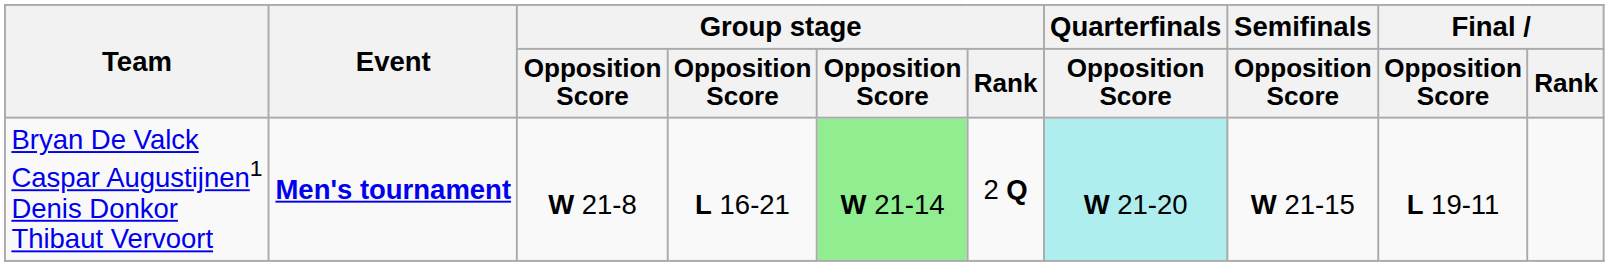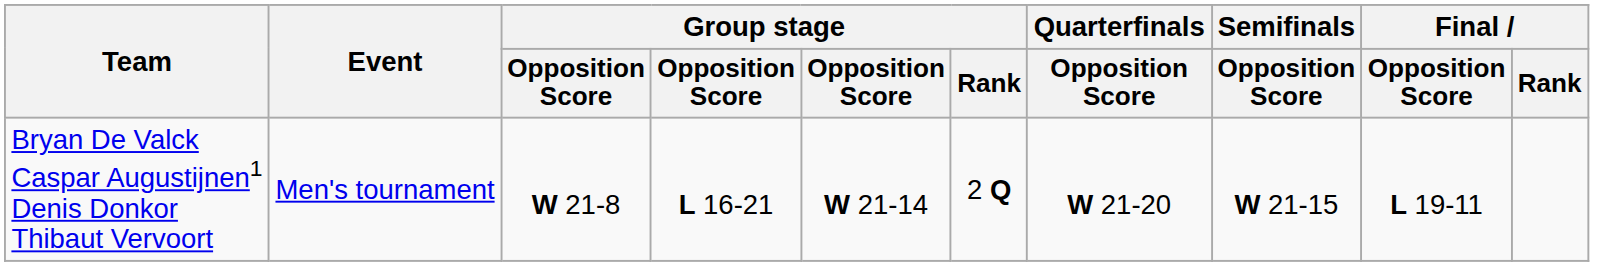 <table class="wikitable" style="text-align:center; font-size:90%">
 <tr>
 <th rowspan="2">Team</th>
 <th rowspan="2">Event</th>
 <th colspan="4">Group stage</th>
 <th>Quarterfinals</th>
 <th>Semifinals</th>
 <th colspan="2">Final / </th>
 </tr>
 <tr style="font-size:95%">
 <th>Opposition<br>Score</th>
 <th>Opposition<br>Score</th>
 <th>Opposition<br>Score</th>
 <th>Rank</th>
 <th>Opposition<br>Score</th>
 <th>Opposition<br>Score</th>
 <th>Opposition<br>Score</th>
 <th>Rank</th>
 </tr>
 <tr>
 <td align="left"><a href='#'>Bryan De Valck</a><br><a href='#'>Caspar Augustijnen</a><sup>1</sup><br><a href='#'>Denis Donkor</a><br><a href='#'>Thibaut Vervoort</a></td>
-<td align="left"><strong><a href='#'>Men's tournament</a></strong></td>
+<td align="left"><a href='#'>Men's tournament</a></td>
 <td><br><strong>W</strong> 21-8</td>
 <td><br><strong>L</strong> 16-21</td>
-<td style="background: lightgreen;"><br><strong>W</strong> 21-14</td>
+<td><br><strong>W</strong> 21-14</td>
 <td>2 <strong>Q</strong></td>
-<td style="background: paleturquoise;"><br><strong>W</strong> 21-20</td>
+<td><br><strong>W</strong> 21-20</td>
 <td><br><strong>W</strong> 21-15</td>
 <td><br><strong>L</strong> 19-11</td>
 <td></td>
 </tr>
 </table>
